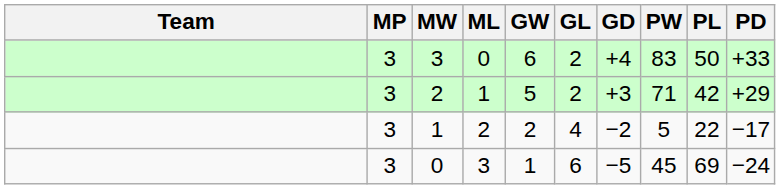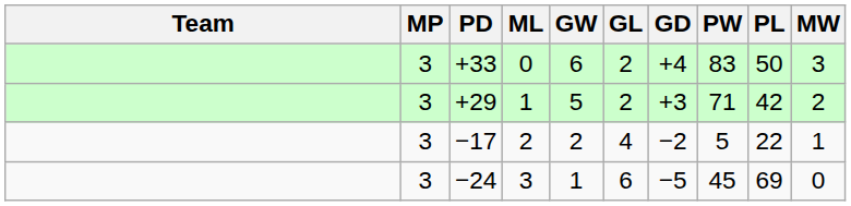 <table class=wikitable style="text-align:center">
 <tr>
 <th width=250>Team</th>
 <th width=20>MP</th>
-<th width=20>MW</th>
+<th width=20>PD</th>
 <th width=20>ML</th>
 <th width=20>GW</th>
 <th width=20>GL</th>
 <th width=20>GD</th>
 <th width=20>PW</th>
 <th width=20>PL</th>
-<th width=20>PD</th>
+<th width=20>MW</th>
 </tr>
 <tr style="background:#cfc;">
 <td align=left><br></td>
 <td>3</td>
-<td>3</td>
+<td>+33</td>
 <td>0</td>
 <td>6</td>
 <td>2</td>
 <td>+4</td>
 <td>83</td>
 <td>50</td>
-<td>+33</td>
+<td>3</td>
 </tr>
 <tr style="background:#cfc;">
 <td align=left><br></td>
 <td>3</td>
-<td>2</td>
+<td>+29</td>
 <td>1</td>
 <td>5</td>
 <td>2</td>
 <td>+3</td>
 <td>71</td>
 <td>42</td>
-<td>+29</td>
+<td>2</td>
 </tr>
 <tr>
 <td align=left><br></td>
 <td>3</td>
-<td>1</td>
+<td>−17</td>
 <td>2</td>
 <td>2</td>
 <td>4</td>
 <td>−2</td>
 <td>5</td>
 <td>22</td>
-<td>−17</td>
+<td>1</td>
 </tr>
 <tr>
 <td align=left><br></td>
 <td>3</td>
-<td>0</td>
+<td>−24</td>
 <td>3</td>
 <td>1</td>
 <td>6</td>
 <td>−5</td>
 <td>45</td>
 <td>69</td>
-<td>−24</td>
+<td>0</td>
 </tr>
 </table>
